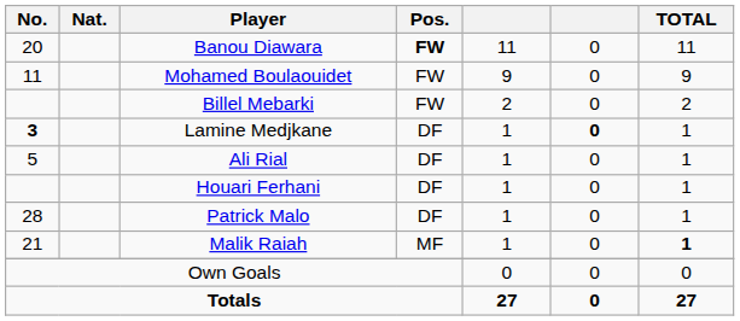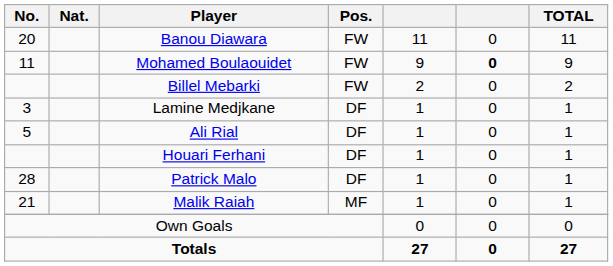 <table class="wikitable sortable alternance"  style="font-size:85%; text-align:center; line-height:14px; width:60%;">
 <tr>
 <th width=10>No.</th>
 <th width=10>Nat.</th>
 <th width=140>Player</th>
 <th width=10>Pos.</th>
 <th width=40></th>
 <th width=40></th>
 <th width=10>TOTAL</th>
 </tr>
 <tr>
 <td>20</td>
 <td></td>
 <td><a href='#'>Banou Diawara</a></td>
-<td><strong>FW</strong></td>
+<td>FW</td>
 <td>11</td>
 <td>0</td>
 <td>11</td>
 </tr>
 <tr>
 <td>11</td>
 <td></td>
 <td><a href='#'>Mohamed Boulaouidet</a></td>
 <td>FW</td>
 <td>9</td>
-<td>0</td>
+<td><strong>0</strong></td>
 <td>9</td>
 </tr>
 <tr>
 <td></td>
 <td></td>
 <td><a href='#'>Billel Mebarki</a></td>
 <td>FW</td>
 <td>2</td>
 <td>0</td>
 <td>2</td>
 </tr>
 <tr>
-<td><strong>3</strong></td>
+<td>3</td>
 <td></td>
 <td>Lamine Medjkane</td>
 <td>DF</td>
 <td>1</td>
-<td><strong>0</strong></td>
+<td>0</td>
 <td>1</td>
 </tr>
 <tr>
 <td>5</td>
 <td></td>
 <td><a href='#'>Ali Rial</a></td>
 <td>DF</td>
 <td>1</td>
 <td>0</td>
 <td>1</td>
 </tr>
 <tr>
 <td></td>
 <td></td>
 <td><a href='#'>Houari Ferhani</a></td>
 <td>DF</td>
 <td>1</td>
 <td>0</td>
 <td>1</td>
 </tr>
 <tr>
 <td>28</td>
 <td></td>
 <td><a href='#'>Patrick Malo</a></td>
 <td>DF</td>
 <td>1</td>
 <td>0</td>
 <td>1</td>
 </tr>
 <tr>
 <td>21</td>
 <td></td>
 <td><a href='#'>Malik Raiah</a></td>
 <td>MF</td>
 <td>1</td>
 <td>0</td>
-<td><strong>1</strong></td>
+<td>1</td>
 </tr>
 <tr>
 </tr>
 <tr class="sortbottom">
 <td colspan="4">Own Goals</td>
 <td>0</td>
 <td>0</td>
 <td>0</td>
 </tr>
 <tr class="sortbottom">
 <td colspan="4"><strong>Totals</strong></td>
 <td><strong>27</strong></td>
 <td><strong>0</strong></td>
 <td><strong>27</strong></td>
 </tr>
 </table>
